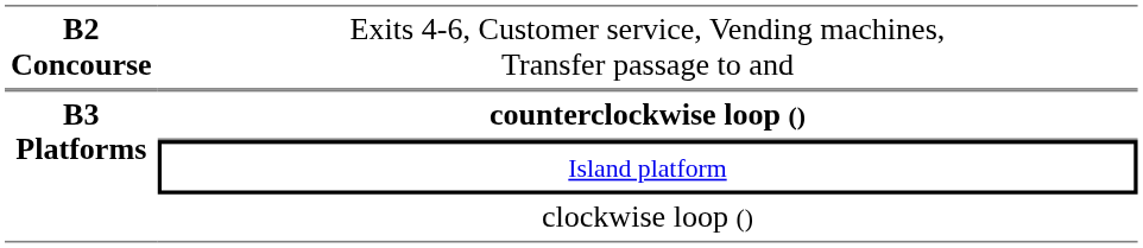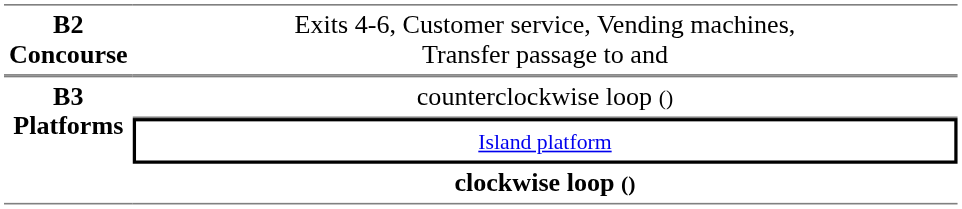 <table table border=0 cellspacing=0 cellpadding=3>
 <tr>
 <td style="border-bottom:solid 1px gray; border-top:solid 1px gray;text-align:center" valign=top><strong>B2<br>Concourse</strong></td>
 <td style="border-bottom:solid 1px gray; border-top:solid 1px gray;text-align:center;" valign=top width=500>Exits 4-6, Customer service, Vending machines,<br>Transfer passage to  and </td>
 </tr>
 <tr>
 <td style="border-bottom:solid 1px gray; border-top:solid 1px gray;text-align:center" rowspan="3" valign=top><strong>B3<br>Platforms</strong></td>
-<td style="border-bottom:solid 1px gray; border-top:solid 1px gray;text-align:center;"><strong>  counterclockwise loop <small>()</small></strong></td>
+<td style="border-bottom:solid 1px gray; border-top:solid 1px gray;text-align:center;">  counterclockwise loop <small>()</small></td>
 </tr>
 <tr>
 <td style="border-right:solid 2px black;border-left:solid 2px black;border-top:solid 2px black;border-bottom:solid 2px black;text-align:center;" colspan=2><small><a href='#'>Island platform</a></small></td>
 </tr>
 <tr>
-<td style="border-bottom:solid 1px gray;text-align:center;"> clockwise loop <small>()</small> </td>
+<td style="border-bottom:solid 1px gray;text-align:center;"><strong> clockwise loop <small>()</small> </strong></td>
 </tr>
 </table>
